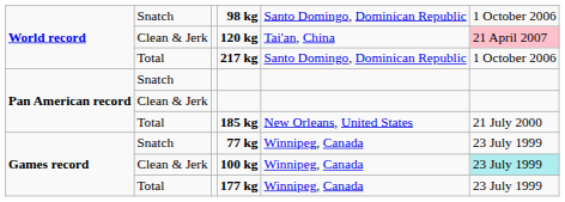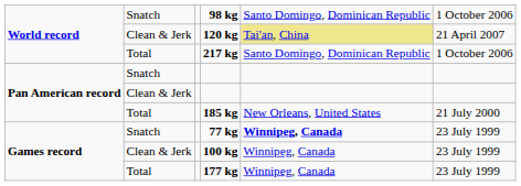 <table class="wikitable">
 <tr>
 <td rowspan=3><strong><a href='#'>World record</a></strong></td>
 <td>Snatch</td>
 <td></td>
 <td align=right><strong>98 kg</strong></td>
 <td><a href='#'>Santo Domingo</a>, <a href='#'>Dominican Republic</a></td>
 <td>1 October 2006</td>
 </tr>
 <tr>
 <td>Clean & Jerk</td>
 <td></td>
 <td><strong>120 kg</strong></td>
-<td><a href='#'>Tai'an</a>, <a href='#'>China</a></td>
-<td style="background: pink;">21 April 2007</td>
+<td style="background: khaki;"><a href='#'>Tai'an</a>, <a href='#'>China</a></td>
+<td>21 April 2007</td>
 </tr>
 <tr>
 <td>Total</td>
 <td></td>
 <td><strong>217 kg</strong></td>
 <td><a href='#'>Santo Domingo</a>, <a href='#'>Dominican Republic</a></td>
 <td>1 October 2006</td>
 </tr>
 <tr>
 <td rowspan=3><strong>Pan American record</strong></td>
 <td>Snatch</td>
 <td></td>
 <td></td>
 <td></td>
 <td></td>
 </tr>
 <tr>
 <td>Clean & Jerk</td>
 <td></td>
 <td></td>
 <td></td>
 <td></td>
 </tr>
 <tr>
 <td>Total</td>
 <td></td>
 <td><strong>185 kg</strong></td>
 <td><a href='#'>New Orleans</a>, <a href='#'>United States</a></td>
 <td>21 July 2000</td>
 </tr>
 <tr>
 <td rowspan=3><strong>Games record</strong></td>
 <td>Snatch</td>
 <td></td>
 <td align=right><strong>77 kg</strong></td>
-<td><a href='#'>Winnipeg</a>, <a href='#'>Canada</a></td>
+<td><strong><a href='#'>Winnipeg</a>, <a href='#'>Canada</a></strong></td>
 <td>23 July 1999</td>
 </tr>
 <tr>
 <td>Clean & Jerk</td>
 <td></td>
 <td><strong>100 kg</strong></td>
 <td><a href='#'>Winnipeg</a>, <a href='#'>Canada</a></td>
-<td style="background: paleturquoise;">23 July 1999</td>
+<td>23 July 1999</td>
 </tr>
 <tr>
 <td>Total</td>
 <td></td>
 <td><strong>177 kg</strong></td>
 <td><a href='#'>Winnipeg</a>, <a href='#'>Canada</a></td>
 <td>23 July 1999</td>
 </tr>
 </table>
